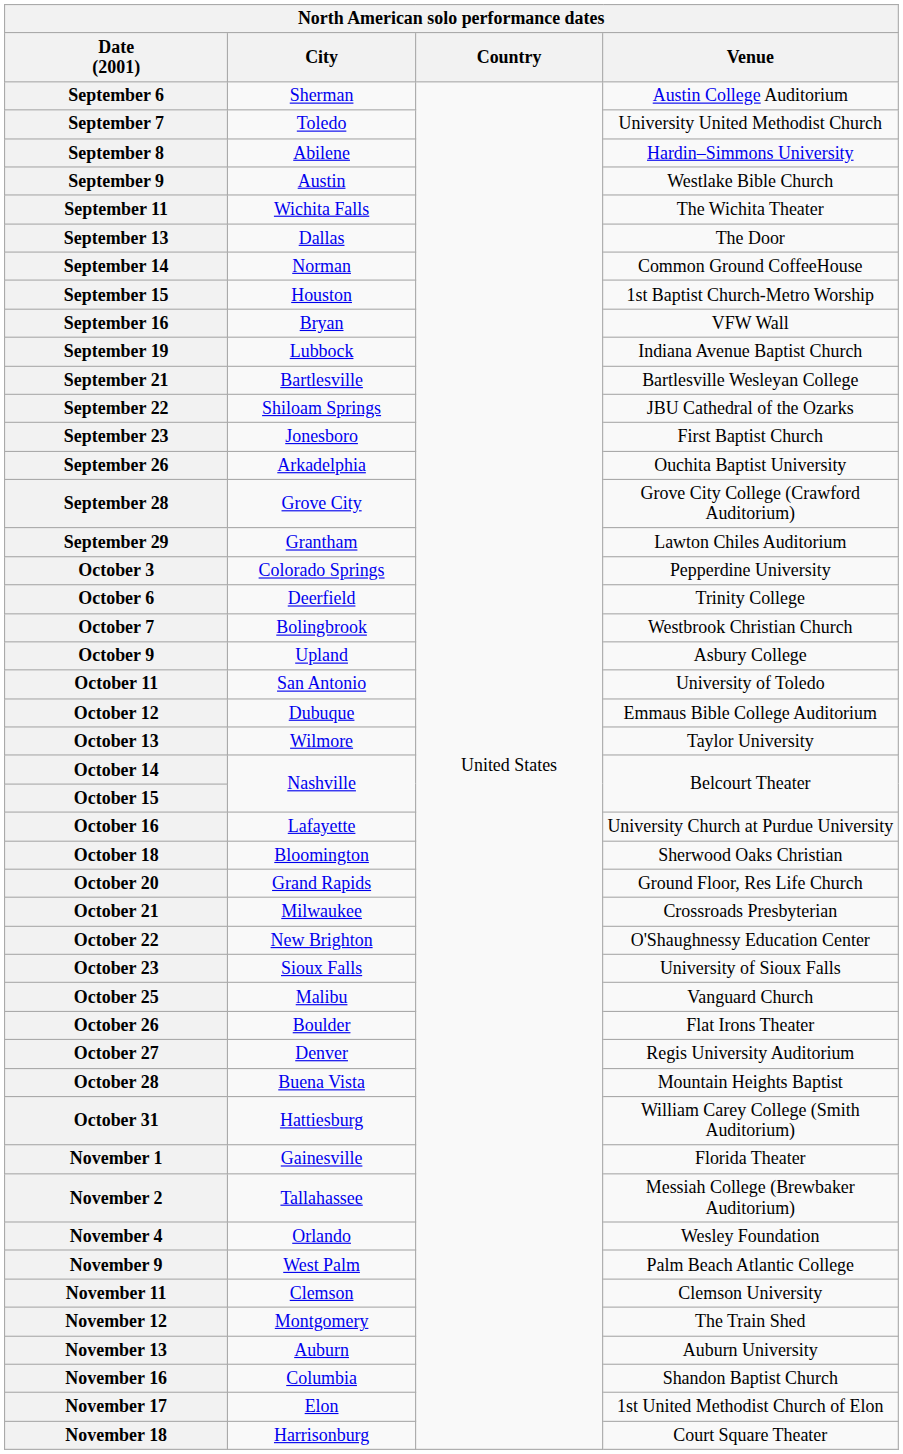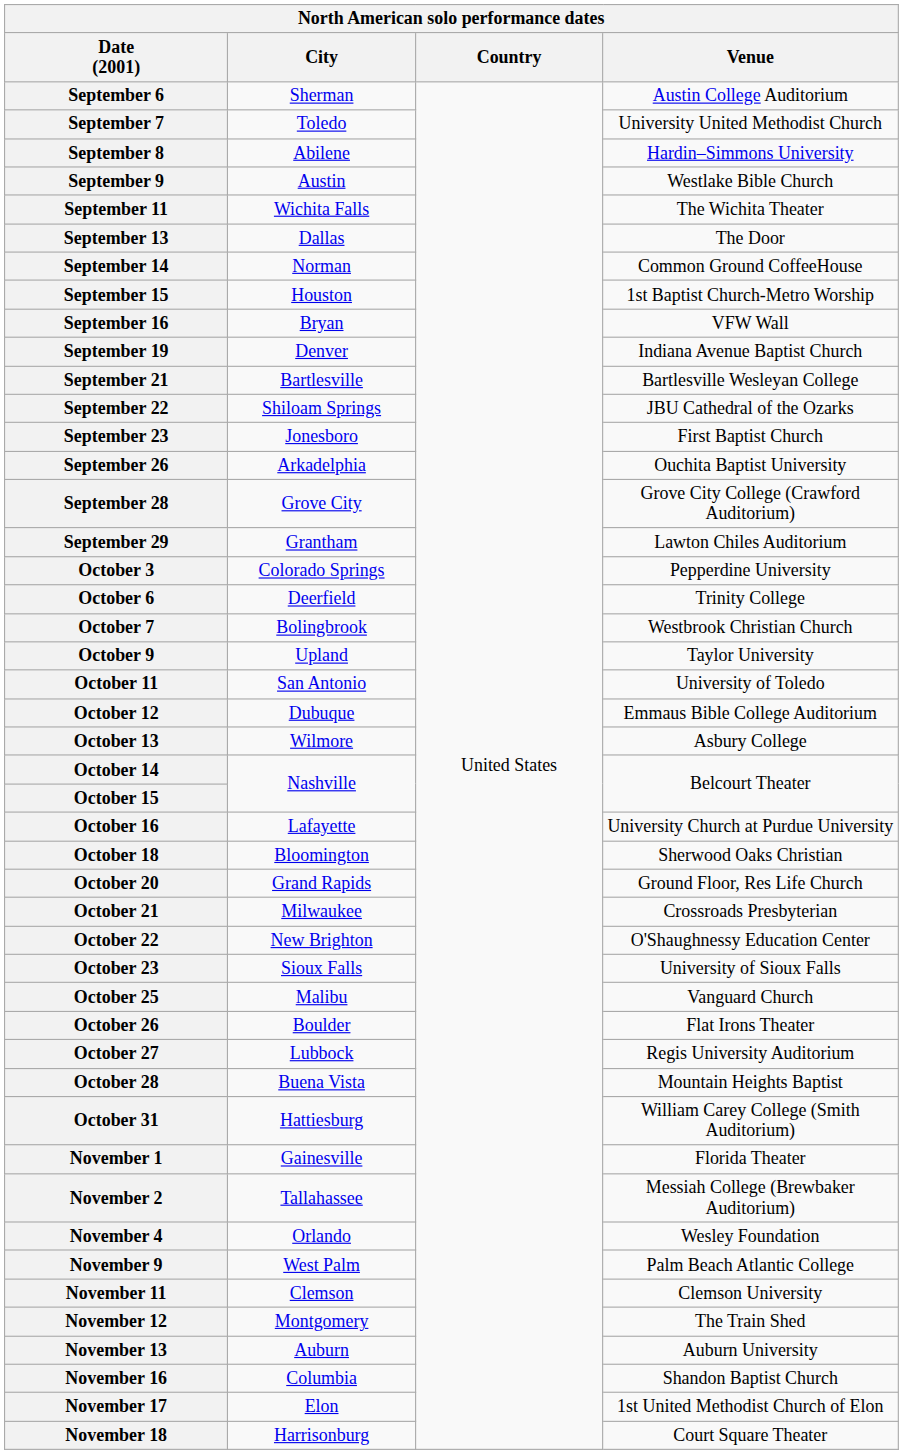 <table class="wikitable plainrowheaders collapsible collapsed" style="text-align:center;">
 <tr>
 <th colspan="4">North American solo performance dates</th>
 </tr>
 <tr>
 <th scope="col" style="width:12em;">Date<br>(2001)</th>
 <th scope="col" style="width:10em;">City</th>
 <th scope="col" style="width:10em;">Country</th>
 <th scope="col" style="width:16em;">Venue</th>
 </tr>
 <tr>
 <th scope="row" style="text-align:center;">September 6</th>
 <td><a href='#'>Sherman</a></td>
 <td rowspan="46">United States</td>
 <td><a href='#'>Austin College</a> Auditorium</td>
 </tr>
 <tr>
 <th scope="row" style="text-align:center;">September 7</th>
 <td><a href='#'>Toledo</a></td>
 <td>University United Methodist Church</td>
 </tr>
 <tr>
 <th scope="row" style="text-align:center;">September 8</th>
 <td><a href='#'>Abilene</a></td>
 <td><a href='#'>Hardin–Simmons University</a></td>
 </tr>
 <tr>
 <th scope="row" style="text-align:center;">September 9</th>
 <td><a href='#'>Austin</a></td>
 <td>Westlake Bible Church</td>
 </tr>
 <tr>
 <th scope="row" style="text-align:center;">September 11</th>
 <td><a href='#'>Wichita Falls</a></td>
 <td>The Wichita Theater</td>
 </tr>
 <tr>
 <th scope="row" style="text-align:center;">September 13</th>
 <td><a href='#'>Dallas</a></td>
 <td>The Door</td>
 </tr>
 <tr>
 <th scope="row" style="text-align:center;">September 14</th>
 <td><a href='#'>Norman</a></td>
 <td>Common Ground CoffeeHouse</td>
 </tr>
 <tr>
 <th scope="row" style="text-align:center;">September 15</th>
 <td><a href='#'>Houston</a></td>
 <td>1st Baptist Church-Metro Worship</td>
 </tr>
 <tr>
 <th scope="row" style="text-align:center;">September 16</th>
 <td><a href='#'>Bryan</a></td>
 <td>VFW Wall</td>
 </tr>
 <tr>
 <th scope="row" style="text-align:center;">September 19</th>
-<td><a href='#'>Lubbock</a></td>
+<td><a href='#'>Denver</a></td>
 <td>Indiana Avenue Baptist Church</td>
 </tr>
 <tr>
 <th scope="row" style="text-align:center;">September 21</th>
 <td><a href='#'>Bartlesville</a></td>
 <td>Bartlesville Wesleyan College</td>
 </tr>
 <tr>
 <th scope="row" style="text-align:center;">September 22</th>
 <td><a href='#'>Shiloam Springs</a></td>
 <td>JBU Cathedral of the Ozarks</td>
 </tr>
 <tr>
 <th scope="row" style="text-align:center;">September 23</th>
 <td><a href='#'>Jonesboro</a></td>
 <td>First Baptist Church</td>
 </tr>
 <tr>
 <th scope="row" style="text-align:center;">September 26</th>
 <td><a href='#'>Arkadelphia</a></td>
 <td>Ouchita Baptist University</td>
 </tr>
 <tr>
 <th scope="row" style="text-align:center;">September 28</th>
 <td><a href='#'>Grove City</a></td>
 <td>Grove City College (Crawford Auditorium)</td>
 </tr>
 <tr>
 <th scope="row" style="text-align:center;">September 29</th>
 <td><a href='#'>Grantham</a></td>
 <td>Lawton Chiles Auditorium</td>
 </tr>
 <tr>
 <th scope="row" style="text-align:center;">October 3</th>
 <td><a href='#'>Colorado Springs</a></td>
 <td>Pepperdine University</td>
 </tr>
 <tr>
 <th scope="row" style="text-align:center;">October 6</th>
 <td><a href='#'>Deerfield</a></td>
 <td>Trinity College</td>
 </tr>
 <tr>
 <th scope="row" style="text-align:center;">October 7</th>
 <td><a href='#'>Bolingbrook</a></td>
 <td>Westbrook Christian Church</td>
 </tr>
 <tr>
 <th scope="row" style="text-align:center;">October 9</th>
 <td><a href='#'>Upland</a></td>
-<td>Asbury College</td>
+<td>Taylor University</td>
 </tr>
 <tr>
 <th scope="row" style="text-align:center;">October 11</th>
 <td><a href='#'>San Antonio</a></td>
 <td>University of Toledo</td>
 </tr>
 <tr>
 <th scope="row" style="text-align:center;">October 12</th>
 <td><a href='#'>Dubuque</a></td>
 <td>Emmaus Bible College Auditorium</td>
 </tr>
 <tr>
 <th scope="row" style="text-align:center;">October 13</th>
 <td><a href='#'>Wilmore</a></td>
-<td>Taylor University</td>
+<td>Asbury College</td>
 </tr>
 <tr>
 <th scope="row" style="text-align:center;">October 14</th>
 <td rowspan="2"><a href='#'>Nashville</a></td>
 <td rowspan="2">Belcourt Theater</td>
 </tr>
 <tr>
 <th scope="row" style="text-align:center;">October 15</th>
 </tr>
 <tr>
 <th scope="row" style="text-align:center;">October 16</th>
 <td><a href='#'>Lafayette</a></td>
 <td>University Church at Purdue University</td>
 </tr>
 <tr>
 <th scope="row" style="text-align:center;">October 18</th>
 <td><a href='#'>Bloomington</a></td>
 <td>Sherwood Oaks Christian</td>
 </tr>
 <tr>
 <th scope="row" style="text-align:center;">October 20</th>
 <td><a href='#'>Grand Rapids</a></td>
 <td>Ground Floor, Res Life Church</td>
 </tr>
 <tr>
 <th scope="row" style="text-align:center;">October 21</th>
 <td><a href='#'>Milwaukee</a></td>
 <td>Crossroads Presbyterian</td>
 </tr>
 <tr>
 <th scope="row" style="text-align:center;">October 22</th>
 <td><a href='#'>New Brighton</a></td>
 <td>O'Shaughnessy Education Center</td>
 </tr>
 <tr>
 <th scope="row" style="text-align:center;">October 23</th>
 <td><a href='#'>Sioux Falls</a></td>
 <td>University of Sioux Falls</td>
 </tr>
 <tr>
 <th scope="row" style="text-align:center;">October 25</th>
 <td><a href='#'>Malibu</a></td>
 <td>Vanguard Church</td>
 </tr>
 <tr>
 <th scope="row" style="text-align:center;">October 26</th>
 <td><a href='#'>Boulder</a></td>
 <td>Flat Irons Theater</td>
 </tr>
 <tr>
 <th scope="row" style="text-align:center;">October 27</th>
-<td><a href='#'>Denver</a></td>
+<td><a href='#'>Lubbock</a></td>
 <td>Regis University Auditorium</td>
 </tr>
 <tr>
 <th scope="row" style="text-align:center;">October 28</th>
 <td><a href='#'>Buena Vista</a></td>
 <td>Mountain Heights Baptist</td>
 </tr>
 <tr>
 <th scope="row" style="text-align:center;">October 31</th>
 <td><a href='#'>Hattiesburg</a></td>
 <td>William Carey College (Smith Auditorium)</td>
 </tr>
 <tr>
 <th scope="row" style="text-align:center;">November 1</th>
 <td><a href='#'>Gainesville</a></td>
 <td>Florida Theater</td>
 </tr>
 <tr>
 <th scope="row" style="text-align:center;">November 2</th>
 <td><a href='#'>Tallahassee</a></td>
 <td>Messiah College (Brewbaker Auditorium)</td>
 </tr>
 <tr>
 <th scope="row" style="text-align:center;">November 4</th>
 <td><a href='#'>Orlando</a></td>
 <td>Wesley Foundation</td>
 </tr>
 <tr>
 <th scope="row" style="text-align:center;">November 9</th>
 <td><a href='#'>West Palm</a></td>
 <td>Palm Beach Atlantic College</td>
 </tr>
 <tr>
 <th scope="row" style="text-align:center;">November 11</th>
 <td><a href='#'>Clemson</a></td>
 <td>Clemson University</td>
 </tr>
 <tr>
 <th scope="row" style="text-align:center;">November 12</th>
 <td><a href='#'>Montgomery</a></td>
 <td>The Train Shed</td>
 </tr>
 <tr>
 <th scope="row" style="text-align:center;">November 13</th>
 <td><a href='#'>Auburn</a></td>
 <td>Auburn University</td>
 </tr>
 <tr>
 <th scope="row" style="text-align:center;">November 16</th>
 <td><a href='#'>Columbia</a></td>
 <td>Shandon Baptist Church</td>
 </tr>
 <tr>
 <th scope="row" style="text-align:center;">November 17</th>
 <td><a href='#'>Elon</a></td>
 <td>1st United Methodist Church of Elon</td>
 </tr>
 <tr>
 <th scope="row" style="text-align:center;">November 18</th>
 <td><a href='#'>Harrisonburg</a></td>
 <td>Court Square Theater</td>
 </tr>
 </table>
